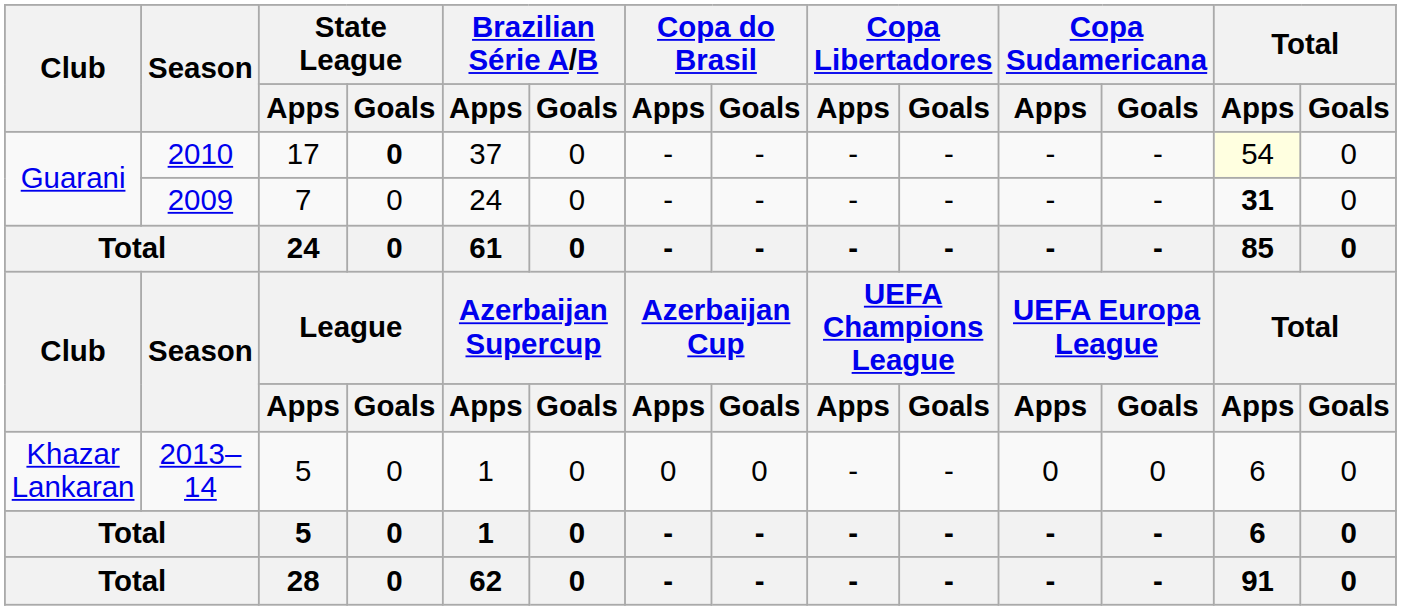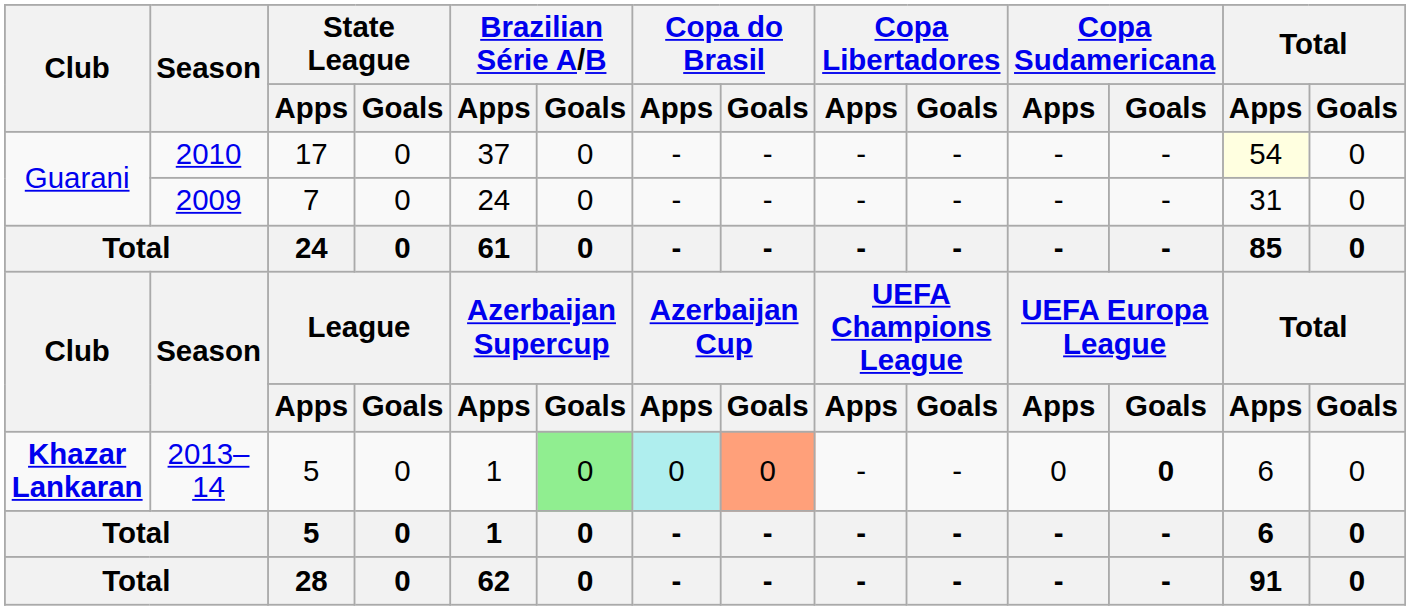 <table class="wikitable" style="text-align: center;">
 <tr>
 <th rowspan="2">Club</th>
 <th rowspan="2">Season</th>
 <th colspan="2">State League</th>
 <th colspan="2"><a href='#'>Brazilian Série A</a>/<a href='#'>B</a></th>
 <th colspan="2"><a href='#'>Copa do Brasil</a></th>
 <th colspan="2"><a href='#'>Copa Libertadores</a></th>
 <th colspan="2"><a href='#'>Copa Sudamericana</a></th>
 <th colspan="2">Total</th>
 </tr>
 <tr>
 <th>Apps</th>
 <th>Goals</th>
 <th>Apps</th>
 <th>Goals</th>
 <th>Apps</th>
 <th>Goals</th>
 <th>Apps</th>
 <th>Goals</th>
 <th>Apps</th>
 <th>Goals</th>
 <th>Apps</th>
 <th>Goals</th>
 </tr>
 <tr>
 <td rowspan="2" valign="center"><a href='#'>Guarani</a></td>
 <td><a href='#'>2010</a></td>
 <td>17</td>
-<td><strong>0</strong></td>
+<td>0</td>
 <td>37</td>
 <td>0</td>
 <td>-</td>
 <td>-</td>
 <td>-</td>
 <td>-</td>
 <td>-</td>
 <td>-</td>
 <td style="background: lightyellow;">54</td>
 <td>0</td>
 </tr>
 <tr>
 <td><a href='#'>2009</a></td>
 <td>7</td>
 <td>0</td>
 <td>24</td>
 <td>0</td>
 <td>-</td>
 <td>-</td>
 <td>-</td>
 <td>-</td>
 <td>-</td>
 <td>-</td>
-<td><strong>31</strong></td>
+<td>31</td>
 <td>0</td>
 </tr>
 <tr>
 <th colspan="2"><strong>Total</strong></th>
 <th>24</th>
 <th>0</th>
 <th>61</th>
 <th>0</th>
 <th>-</th>
 <th>-</th>
 <th>-</th>
 <th>-</th>
 <th>-</th>
 <th>-</th>
 <th>85</th>
 <th>0</th>
 </tr>
 <tr>
 <th rowspan="2">Club</th>
 <th rowspan="2">Season</th>
 <th colspan="2">League</th>
 <th colspan="2"><a href='#'>Azerbaijan Supercup</a></th>
 <th colspan="2"><a href='#'>Azerbaijan Cup</a></th>
 <th colspan="2"><a href='#'>UEFA Champions League</a></th>
 <th colspan="2"><a href='#'>UEFA Europa League</a></th>
 <th colspan="2">Total</th>
 </tr>
 <tr>
 <th>Apps</th>
 <th>Goals</th>
 <th>Apps</th>
 <th>Goals</th>
 <th>Apps</th>
 <th>Goals</th>
 <th>Apps</th>
 <th>Goals</th>
 <th>Apps</th>
 <th>Goals</th>
 <th>Apps</th>
 <th>Goals</th>
 </tr>
 <tr>
-<td rowspan="1" valign="center"><a href='#'>Khazar Lankaran</a></td>
+<td rowspan="1" valign="center"><strong><a href='#'>Khazar Lankaran</a></strong></td>
 <td><a href='#'>2013–14</a></td>
 <td>5</td>
 <td>0</td>
 <td>1</td>
-<td>0</td>
-<td>0</td>
-<td>0</td>
+<td style="background: lightgreen;">0</td>
+<td style="background: paleturquoise;">0</td>
+<td style="background: lightsalmon;">0</td>
 <td>-</td>
 <td>-</td>
 <td>0</td>
-<td>0</td>
+<td><strong>0</strong></td>
 <td>6</td>
 <td>0</td>
 </tr>
 <tr>
 <th colspan="2"><strong>Total</strong></th>
 <th>5</th>
 <th>0</th>
 <th>1</th>
 <th>0</th>
 <th>-</th>
 <th>-</th>
 <th>-</th>
 <th>-</th>
 <th>-</th>
 <th>-</th>
 <th>6</th>
 <th>0</th>
 </tr>
 <tr>
 <th colspan="2"><strong>Total</strong></th>
 <th>28</th>
 <th>0</th>
 <th>62</th>
 <th>0</th>
 <th>-</th>
 <th>-</th>
 <th>-</th>
 <th>-</th>
 <th>-</th>
 <th>-</th>
 <th>91</th>
 <th>0</th>
 </tr>
 </table>
